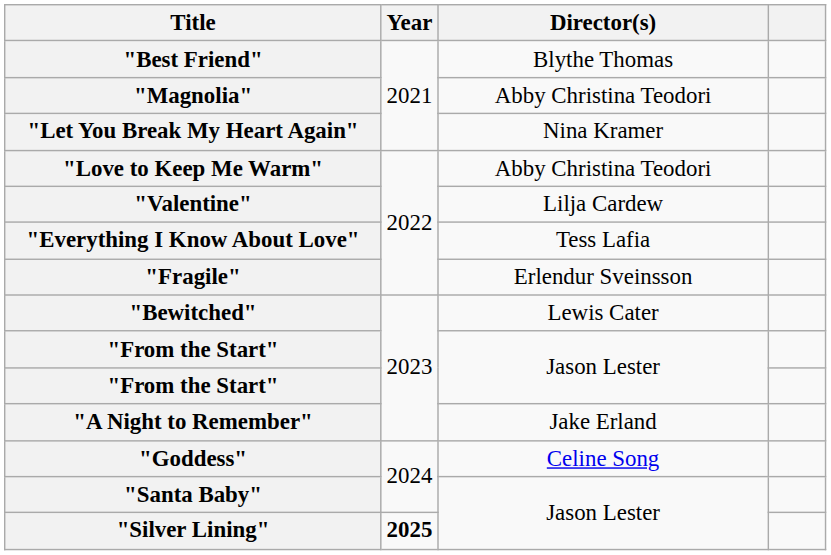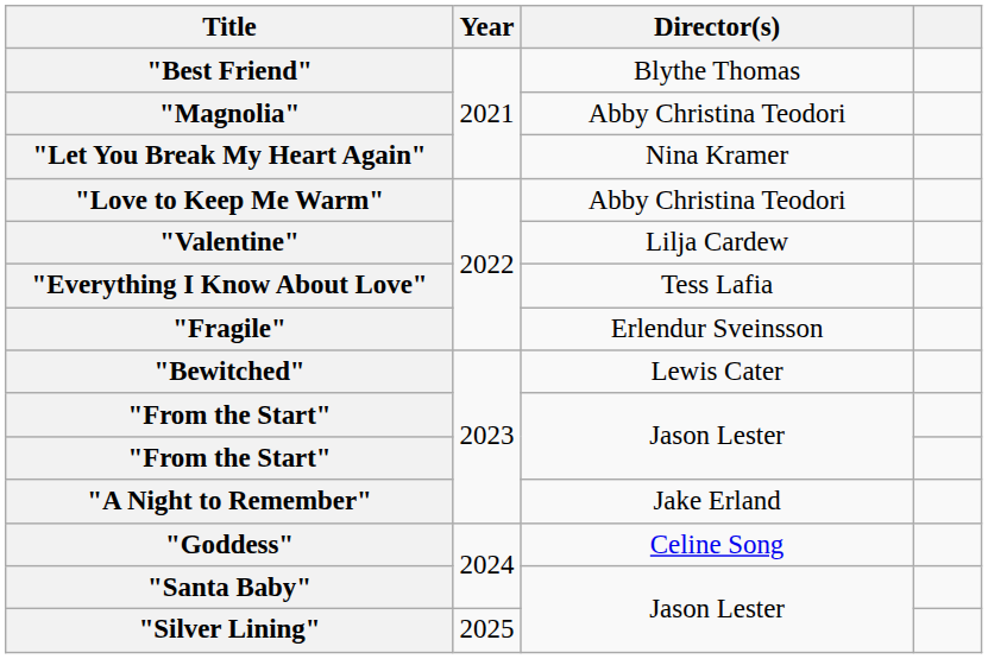 <table class="wikitable plainrowheaders" style="text-align:center">
 <tr>
 <th scope="col" style="width:16em;">Title</th>
 <th scope="col" style="width:2em;">Year</th>
 <th scope="col" style="width:14em;">Director(s)</th>
 <th scope="col" style="width:2em;"></th>
 </tr>
 <tr>
 <th scope="row">"Best Friend"</th>
 <td rowspan="3">2021</td>
 <td>Blythe Thomas</td>
 <td></td>
 </tr>
 <tr>
 <th scope="row">"Magnolia"</th>
 <td>Abby Christina Teodori</td>
 <td></td>
 </tr>
 <tr>
 <th scope="row">"Let You Break My Heart Again"<br></th>
 <td>Nina Kramer</td>
 <td></td>
 </tr>
 <tr>
 <th scope="row">"Love to Keep Me Warm"<br></th>
 <td rowspan="4">2022</td>
 <td>Abby Christina Teodori</td>
 <td></td>
 </tr>
 <tr>
 <th scope="row">"Valentine"</th>
 <td>Lilja Cardew</td>
 <td></td>
 </tr>
 <tr>
 <th scope="row">"Everything I Know About Love"</th>
 <td>Tess Lafia</td>
 <td></td>
 </tr>
 <tr>
 <th scope="row">"Fragile"</th>
 <td>Erlendur Sveinsson</td>
 <td></td>
 </tr>
 <tr>
 <th scope="row">"Bewitched"</th>
 <td rowspan="4">2023</td>
 <td>Lewis Cater</td>
 <td></td>
 </tr>
 <tr>
 <th scope="row">"From the Start"</th>
 <td rowspan="2">Jason Lester</td>
 <td></td>
 </tr>
 <tr>
 <th scope="row">"From the Start" </th>
 <td></td>
 </tr>
 <tr>
 <th scope="row">"A Night to Remember"<br></th>
 <td>Jake Erland</td>
 <td></td>
 </tr>
 <tr>
 <th scope="row">"Goddess"</th>
 <td rowspan="2">2024</td>
 <td><a href='#'>Celine Song</a></td>
 <td></td>
 </tr>
 <tr>
 <th scope="row">"Santa Baby"</th>
 <td rowspan="2">Jason Lester</td>
 <td></td>
 </tr>
 <tr>
 <th scope="row">"Silver Lining"</th>
-<td><strong>2025</strong></td>
+<td>2025</td>
 <td></td>
 </tr>
 </table>
